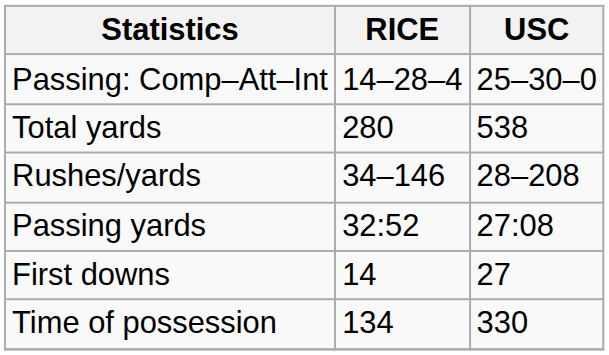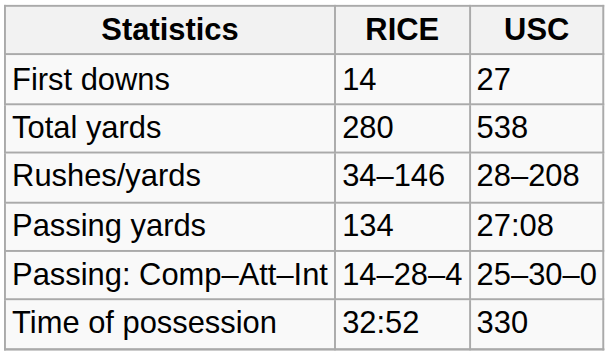 <table class="wikitable" style="float: left;">
 <tr>
 <th>Statistics</th>
 <th>RICE</th>
 <th>USC</th>
 </tr>
 <tr>
-<td>Passing: Comp–Att–Int</td>
-<td>14–28–4</td>
-<td>25–30–0</td>
+<td>First downs</td>
+<td>14</td>
+<td>27</td>
 </tr>
 <tr>
 <td>Total yards</td>
 <td>280</td>
 <td>538</td>
 </tr>
 <tr>
 <td>Rushes/yards</td>
 <td>34–146</td>
 <td>28–208</td>
 </tr>
 <tr>
 <td>Passing yards</td>
-<td>32:52</td>
+<td>134</td>
 <td>27:08</td>
 </tr>
 <tr>
-<td>First downs</td>
-<td>14</td>
-<td>27</td>
+<td>Passing: Comp–Att–Int</td>
+<td>14–28–4</td>
+<td>25–30–0</td>
 </tr>
 <tr>
 <td>Time of possession</td>
-<td>134</td>
+<td>32:52</td>
 <td>330</td>
 </tr>
 <tr>
 </tr>
 </table>
